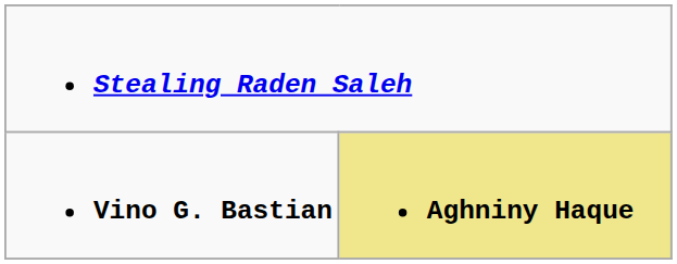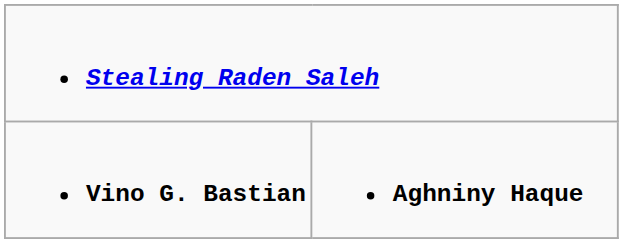 <table class="wikitable" role="presentation">
 <tr>
 <td style="vertical-align:top; width:50%;" colspan="2"><br><ul><li><strong><em><a href='#'>Stealing Raden Saleh</a></em></strong></li></ul></td>
 </tr>
 <tr>
 <td style="vertical-align:top; width:50%;"><br><ul><li><strong>Vino G. Bastian</strong></li></ul></td>
-<td style="background: khaki; vertical-align:top; width:50%;"><br><ul><li><strong>Aghniny Haque</strong></li></ul></td>
+<td style="vertical-align:top; width:50%;"><br><ul><li><strong>Aghniny Haque</strong></li></ul></td>
 </tr>
 </table>
